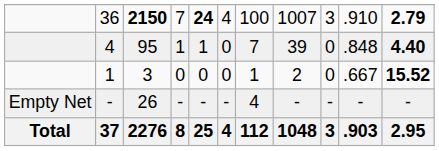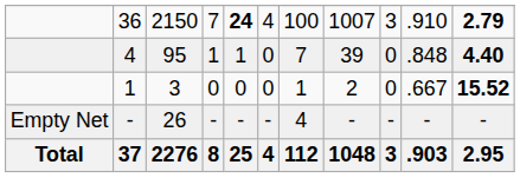 <table class="wikitable sortable">
 <tr align="center">
 </tr>
 <tr align="center" bgcolor="">
 <td></td>
 <td>36</td>
-<td><strong>2150</strong></td>
+<td>2150</td>
 <td>7</td>
 <td><strong>24</strong></td>
 <td>4</td>
 <td>100</td>
 <td>1007</td>
 <td>3</td>
 <td>.910</td>
 <td><strong>2.79</strong></td>
 </tr>
 <tr align="center" bgcolor="f0f0f0">
 <td></td>
 <td>4</td>
 <td>95</td>
 <td>1</td>
 <td>1</td>
 <td>0</td>
 <td>7</td>
 <td>39</td>
 <td>0</td>
 <td>.848</td>
 <td><strong>4.40</strong></td>
 </tr>
 <tr align="center" bgcolor="">
 <td></td>
 <td>1</td>
 <td>3</td>
 <td>0</td>
 <td>0</td>
 <td>0</td>
 <td>1</td>
 <td>2</td>
 <td>0</td>
 <td>.667</td>
 <td><strong>15.52</strong></td>
 </tr>
 <tr align="center" bgcolor="f0f0f0">
 <td>Empty Net</td>
 <td>-</td>
 <td>26</td>
 <td>-</td>
 <td>-</td>
 <td>-</td>
 <td>4</td>
 <td>-</td>
 <td>-</td>
 <td>-</td>
 <td>-</td>
 </tr>
 <tr>
 <th>Total</th>
 <th>37</th>
 <th>2276</th>
 <th>8</th>
 <th>25</th>
 <th>4</th>
 <th>112</th>
 <th>1048</th>
 <th>3</th>
 <th>.903</th>
 <th>2.95</th>
 </tr>
 </table>
